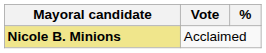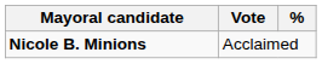 <table class="wikitable">
 <tr>
 <th width="200px">Mayoral candidate</th>
 <th width="50px">Vote</th>
 <th width="30px">%</th>
 </tr>
 <tr>
-<td style="background: khaki;"><strong>Nicole B. Minions</strong> </td>
+<td><strong>Nicole B. Minions</strong> </td>
 <td colspan="2">Acclaimed</td>
 </tr>
 </table>
